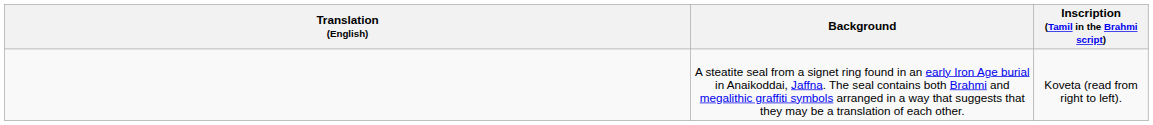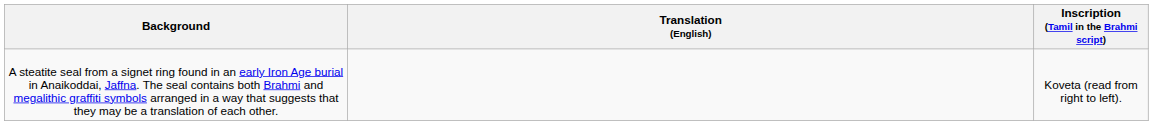 <table class="wikitable centre">
 <tr>
+<th scope="col" align=left>Background<br></th>
 <th>Translation<br><small>(English)</small></th>
-<th scope="col" align=left>Background<br></th>
 <th>Inscription<br><small>(<a href='#'>Tamil</a> in the <a href='#'>Brahmi script</a>)</small></th>
 </tr>
 <tr>
+<td align=center width="30%"><br>A steatite seal from a signet ring found in an <a href='#'>early Iron Age burial</a> in Anaikoddai, <a href='#'>Jaffna</a>. The seal contains both <a href='#'>Brahmi</a> and <a href='#'>megalithic graffiti symbols</a> arranged in a way that suggests that they may be a translation of each other.</td>
 <td align=left><br></td>
-<td align=center width="30%"><br>A steatite seal from a signet ring found in an <a href='#'>early Iron Age burial</a> in Anaikoddai, <a href='#'>Jaffna</a>. The seal contains both <a href='#'>Brahmi</a> and <a href='#'>megalithic graffiti symbols</a> arranged in a way that suggests that they may be a translation of each other.</td>
 <td align=center width="10%"><br> Koveta (read from right to left).</td>
 </tr>
 </table>
